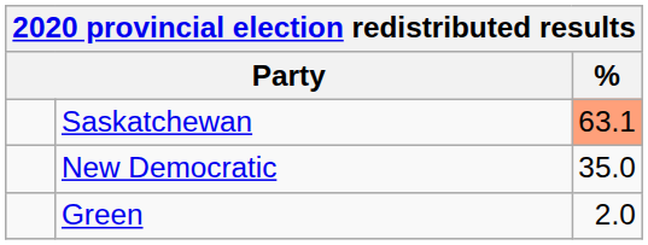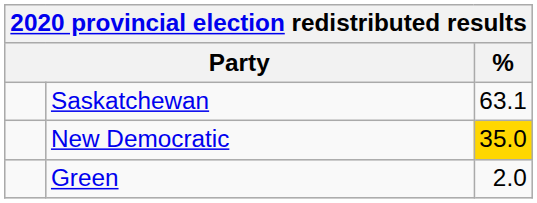 <table class="wikitable">
 <tr>
 <th colspan="4"><a href='#'>2020 provincial election</a> redistributed results</th>
 </tr>
 <tr>
 <th bgcolor="#DDDDFF" width="130px" colspan="2">Party</th>
 <th bgcolor="#DDDDFF" width="30px">%</th>
 </tr>
 <tr>
 <td> </td>
 <td><a href='#'>Saskatchewan</a></td>
-<td align=right style="background: lightsalmon;">63.1</td>
+<td align=right>63.1</td>
 </tr>
 <tr>
 <td> </td>
 <td><a href='#'>New Democratic</a></td>
-<td align=right>35.0</td>
+<td align=right style="background: gold;">35.0</td>
 </tr>
 <tr>
 <td> </td>
 <td><a href='#'>Green</a></td>
 <td align=right>2.0</td>
 </tr>
 </table>
